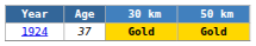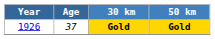 <table class="wikitable" style="font-size:95%; text-align:center; border:grey solid 1px; border-collapse:collapse; background:#ffffff;">
 <tr>
 <th style="background-color:#369; color:white; width:60px;"> Year </th>
 <th style="background-color:#369; color:white; width:40px;"> Age </th>
 <th style="background-color:#4180be; color:white; width:75px;"> 30 km</th>
 <th style="background-color:#4180be; color:white; width:75px;"> 50 km</th>
 </tr>
 <tr>
-<td><a href='#'>1924</a></td>
+<td><a href='#'>1926</a></td>
 <td><em>37</em></td>
 <td style="background:gold;"><strong>Gold</strong></td>
 <td style="background:gold;"><strong>Gold</strong></td>
 </tr>
 <tr>
 </tr>
 </table>
